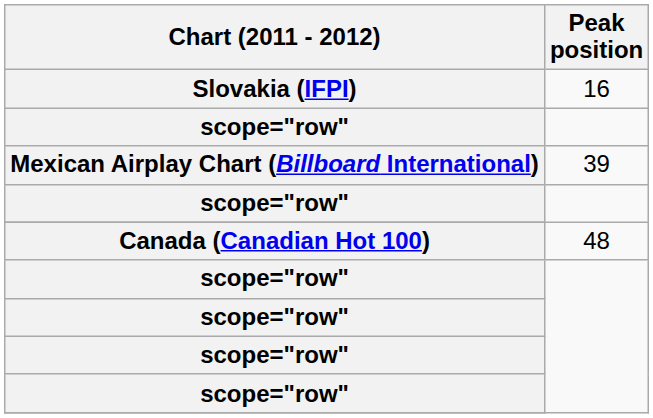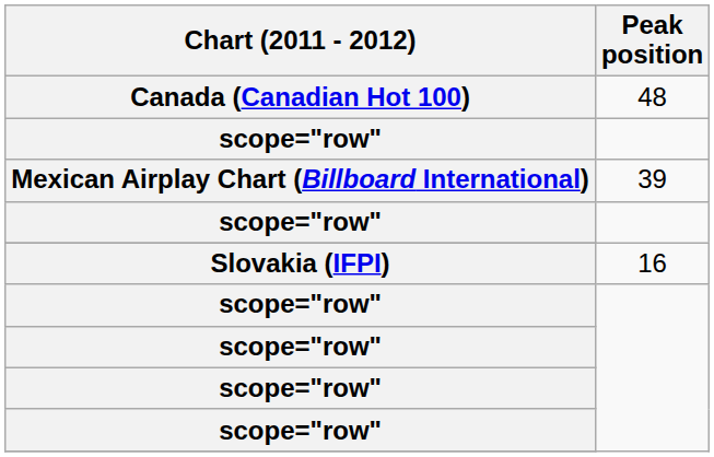 <table class="wikitable sortable plainrowheaders">
 <tr>
 <th scope="col">Chart (2011 - 2012)</th>
 <th scope="col">Peak<br>position</th>
 </tr>
 <tr>
-<th scope="row">Slovakia (<a href='#'>IFPI</a>)</th>
-<td style="text-align:center;">16</td>
+<th scope="row">Canada (<a href='#'>Canadian Hot 100</a>)</th>
+<td style="text-align:center;">48</td>
 </tr>
 <tr>
 <th>scope="row"</th>
 </tr>
 <tr>
 <th scope="row">Mexican Airplay Chart (<a href='#'><em>Billboard</em> International</a>)</th>
 <td style="text-align:center;">39</td>
 </tr>
 <tr>
 <th>scope="row"</th>
 </tr>
 <tr>
 </tr>
 <tr>
-<th scope="row">Canada (<a href='#'>Canadian Hot 100</a>)</th>
-<td style="text-align:center;">48</td>
+<th scope="row">Slovakia (<a href='#'>IFPI</a>)</th>
+<td style="text-align:center;">16</td>
 </tr>
 <tr>
 <th>scope="row"</th>
 </tr>
 <tr>
 <th>scope="row"</th>
 </tr>
 <tr>
 <th>scope="row"</th>
 </tr>
 <tr>
 <th>scope="row"</th>
 </tr>
 <tr>
 </tr>
 </table>
